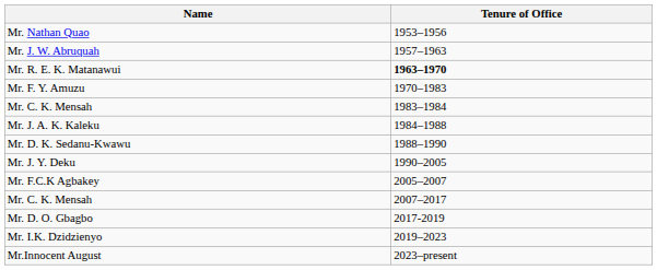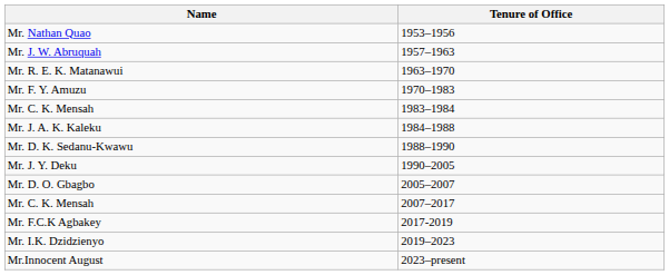 <table class="wikitable" width="70%">
 <tr>
 <th>Name</th>
 <th>Tenure of Office</th>
 </tr>
 <tr>
 <td>Mr. <a href='#'>Nathan Quao</a></td>
 <td>1953–1956</td>
 </tr>
 <tr>
 <td>Mr. <a href='#'>J. W. Abruquah</a></td>
 <td>1957–1963</td>
 </tr>
 <tr>
 <td>Mr. R. E. K. Matanawui</td>
-<td><strong>1963–1970</strong></td>
+<td>1963–1970</td>
 </tr>
 <tr>
 <td>Mr. F. Y. Amuzu</td>
 <td>1970–1983</td>
 </tr>
 <tr>
 <td>Mr. C. K. Mensah</td>
 <td>1983–1984</td>
 </tr>
 <tr>
 <td>Mr. J. A. K. Kaleku</td>
 <td>1984–1988</td>
 </tr>
 <tr>
 <td>Mr. D. K. Sedanu-Kwawu</td>
 <td>1988–1990</td>
 </tr>
 <tr>
 <td>Mr. J. Y. Deku</td>
 <td>1990–2005</td>
 </tr>
 <tr>
-<td>Mr. F.C.K Agbakey</td>
+<td>Mr. D. O. Gbagbo</td>
 <td>2005–2007</td>
 </tr>
 <tr>
 <td>Mr. C. K. Mensah</td>
 <td>2007–2017</td>
 </tr>
 <tr>
-<td>Mr. D. O. Gbagbo</td>
+<td>Mr. F.C.K Agbakey</td>
 <td>2017-2019</td>
 </tr>
 <tr>
 <td>Mr. I.K. Dzidzienyo</td>
 <td>2019–2023</td>
 </tr>
 <tr>
 <td>Mr.Innocent August</td>
 <td>2023–present</td>
 </tr>
 </table>
